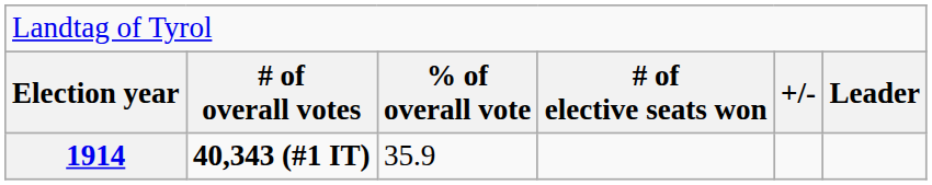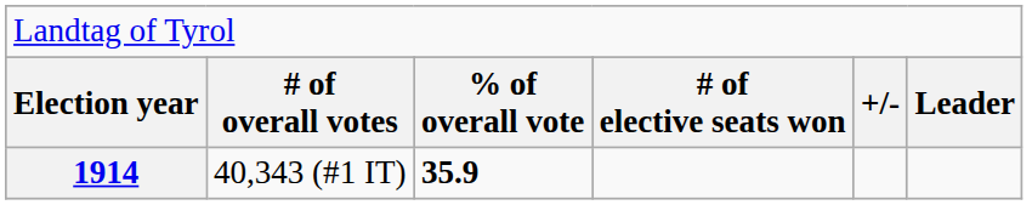 <table class=wikitable>
 <tr>
 <td colspan=6><a href='#'>Landtag of Tyrol</a></td>
 </tr>
 <tr>
 <th>Election year</th>
 <th># of<br>overall votes</th>
 <th>% of<br>overall vote</th>
 <th># of<br>elective seats won</th>
 <th>+/-</th>
 <th>Leader</th>
 </tr>
 <tr>
 <th><a href='#'>1914</a></th>
-<td><strong>40,343 (#1 IT)</strong></td>
-<td>35.9</td>
+<td>40,343 (#1 IT)</td>
+<td><strong>35.9</strong></td>
 <td></td>
 <td></td>
 <td></td>
 </tr>
 </table>
